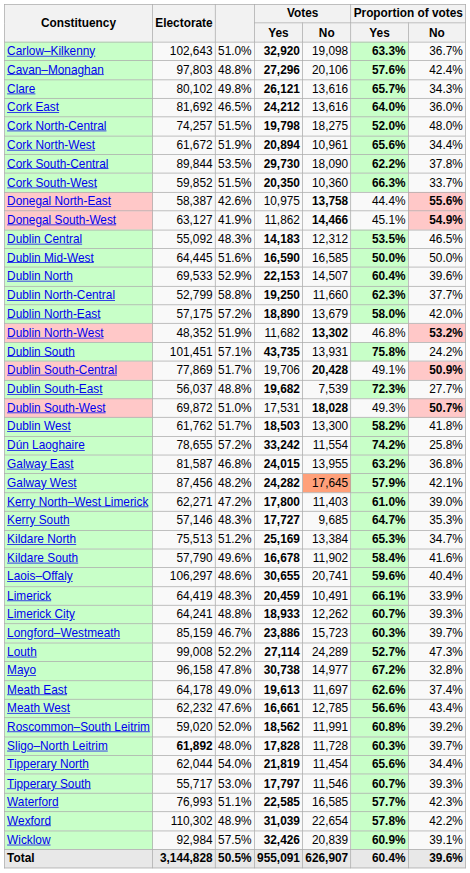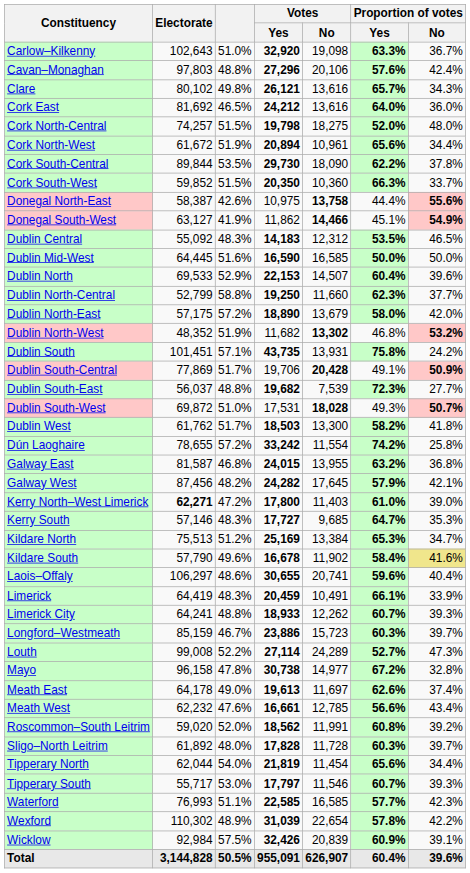 <table class="wikitable sortable">
 <tr>
 <th rowspan=2>Constituency</th>
 <th rowspan=2>Electorate</th>
 <th rowspan=2></th>
 <th colspan=2>Votes</th>
 <th colspan=2>Proportion of votes</th>
 </tr>
 <tr>
 <th>Yes</th>
 <th>No</th>
 <th>Yes</th>
 <th>No</th>
 </tr>
 <tr>
 <td style="background:#c8ffc8;"><a href='#'>Carlow–Kilkenny</a></td>
 <td style="text-align: right;">102,643</td>
 <td style="text-align: right;">51.0%</td>
 <td style="text-align: right;"><strong>32,920</strong></td>
 <td style="text-align: right;">19,098</td>
 <td style="text-align: right; background:#c8ffc8;"><strong>63.3%</strong></td>
 <td style="text-align: right;">36.7%</td>
 </tr>
 <tr>
 <td style="background:#c8ffc8;"><a href='#'>Cavan–Monaghan</a></td>
 <td style="text-align: right;">97,803</td>
 <td style="text-align: right;">48.8%</td>
 <td style="text-align: right;"><strong>27,296</strong></td>
 <td style="text-align: right;">20,106</td>
 <td style="text-align: right; background:#c8ffc8;"><strong>57.6%</strong></td>
 <td style="text-align: right;">42.4%</td>
 </tr>
 <tr>
 <td style="background:#c8ffc8;"><a href='#'>Clare</a></td>
 <td style="text-align: right;">80,102</td>
 <td style="text-align: right;">49.8%</td>
 <td style="text-align: right;"><strong>26,121</strong></td>
 <td style="text-align: right;">13,616</td>
 <td style="text-align: right; background:#c8ffc8;"><strong>65.7%</strong></td>
 <td style="text-align: right;">34.3%</td>
 </tr>
 <tr>
 <td style="background:#c8ffc8;"><a href='#'>Cork East</a></td>
 <td style="text-align: right;">81,692</td>
 <td style="text-align: right;">46.5%</td>
 <td style="text-align: right;"><strong>24,212</strong></td>
 <td style="text-align: right;">13,616</td>
 <td style="text-align: right; background:#c8ffc8;"><strong>64.0%</strong></td>
 <td style="text-align: right;">36.0%</td>
 </tr>
 <tr>
 <td style="background:#c8ffc8;"><a href='#'>Cork North-Central</a></td>
 <td style="text-align: right;">74,257</td>
 <td style="text-align: right;">51.5%</td>
 <td style="text-align: right;"><strong>19,798</strong></td>
 <td style="text-align: right;">18,275</td>
 <td style="text-align: right; background:#c8ffc8;"><strong>52.0%</strong></td>
 <td style="text-align: right;">48.0%</td>
 </tr>
 <tr>
 <td style="background:#c8ffc8;"><a href='#'>Cork North-West</a></td>
 <td style="text-align: right;">61,672</td>
 <td style="text-align: right;">51.9%</td>
 <td style="text-align: right;"><strong>20,894</strong></td>
 <td style="text-align: right;">10,961</td>
 <td style="text-align: right; background:#c8ffc8;"><strong>65.6%</strong></td>
 <td style="text-align: right;">34.4%</td>
 </tr>
 <tr>
 <td style="background:#c8ffc8;"><a href='#'>Cork South-Central</a></td>
 <td style="text-align: right;">89,844</td>
 <td style="text-align: right;">53.5%</td>
 <td style="text-align: right;"><strong>29,730</strong></td>
 <td style="text-align: right;">18,090</td>
 <td style="text-align: right; background:#c8ffc8;"><strong>62.2%</strong></td>
 <td style="text-align: right;">37.8%</td>
 </tr>
 <tr>
 <td style="background:#c8ffc8;"><a href='#'>Cork South-West</a></td>
 <td style="text-align: right;">59,852</td>
 <td style="text-align: right;">51.5%</td>
 <td style="text-align: right;"><strong>20,350</strong></td>
 <td style="text-align: right;">10,360</td>
 <td style="text-align: right; background:#c8ffc8;"><strong>66.3%</strong></td>
 <td style="text-align: right;">33.7%</td>
 </tr>
 <tr>
 <td style="background:#ffc8c8;"><a href='#'>Donegal North-East</a></td>
 <td style="text-align: right;">58,387</td>
 <td style="text-align: right;">42.6%</td>
 <td style="text-align: right;">10,975</td>
 <td style="text-align: right;"><strong>13,758</strong></td>
 <td style="text-align: right;">44.4%</td>
 <td style="text-align: right; background:#ffc8c8;"><strong>55.6%</strong></td>
 </tr>
 <tr>
 <td style="background:#ffc8c8;"><a href='#'>Donegal South-West</a></td>
 <td style="text-align: right;">63,127</td>
 <td style="text-align: right;">41.9%</td>
 <td style="text-align: right;">11,862</td>
 <td style="text-align: right;"><strong>14,466</strong></td>
 <td style="text-align: right;">45.1%</td>
 <td style="text-align: right; background:#ffc8c8;"><strong>54.9%</strong></td>
 </tr>
 <tr>
 <td style="background:#c8ffc8;"><a href='#'>Dublin Central</a></td>
 <td style="text-align: right;">55,092</td>
 <td style="text-align: right;">48.3%</td>
 <td style="text-align: right;"><strong>14,183</strong></td>
 <td style="text-align: right;">12,312</td>
 <td style="text-align: right; background:#c8ffc8;"><strong>53.5%</strong></td>
 <td style="text-align: right;">46.5%</td>
 </tr>
 <tr>
 <td style="background:#c8ffc8;"><a href='#'>Dublin Mid-West</a></td>
 <td style="text-align: right;">64,445</td>
 <td style="text-align: right;">51.6%</td>
 <td style="text-align: right;"><strong>16,590</strong></td>
 <td style="text-align: right;">16,585</td>
 <td style="text-align: right; background:#c8ffc8;"><strong>50.0%</strong></td>
 <td style="text-align: right;">50.0%</td>
 </tr>
 <tr>
 <td style="background:#c8ffc8;"><a href='#'>Dublin North</a></td>
 <td style="text-align: right;">69,533</td>
 <td style="text-align: right;">52.9%</td>
 <td style="text-align: right;"><strong>22,153</strong></td>
 <td style="text-align: right;">14,507</td>
 <td style="text-align: right; background:#c8ffc8;"><strong>60.4%</strong></td>
 <td style="text-align: right;">39.6%</td>
 </tr>
 <tr>
 <td style="background:#c8ffc8;"><a href='#'>Dublin North-Central</a></td>
 <td style="text-align: right;">52,799</td>
 <td style="text-align: right;">58.8%</td>
 <td style="text-align: right;"><strong>19,250</strong></td>
 <td style="text-align: right;">11,660</td>
 <td style="text-align: right; background:#c8ffc8;"><strong>62.3%</strong></td>
 <td style="text-align: right;">37.7%</td>
 </tr>
 <tr>
 <td style="background:#c8ffc8;"><a href='#'>Dublin North-East</a></td>
 <td style="text-align: right;">57,175</td>
 <td style="text-align: right;">57.2%</td>
 <td style="text-align: right;"><strong>18,890</strong></td>
 <td style="text-align: right;">13,679</td>
 <td style="text-align: right; background:#c8ffc8;"><strong>58.0%</strong></td>
 <td style="text-align: right;">42.0%</td>
 </tr>
 <tr>
 <td style="background:#ffc8c8;"><a href='#'>Dublin North-West</a></td>
 <td style="text-align: right;">48,352</td>
 <td style="text-align: right;">51.9%</td>
 <td style="text-align: right;">11,682</td>
 <td style="text-align: right;"><strong>13,302</strong></td>
 <td style="text-align: right;">46.8%</td>
 <td style="text-align: right; background:#ffc8c8;"><strong>53.2%</strong></td>
 </tr>
 <tr>
 <td style="background:#c8ffc8;"><a href='#'>Dublin South</a></td>
 <td style="text-align: right;">101,451</td>
 <td style="text-align: right;">57.1%</td>
 <td style="text-align: right;"><strong>43,735</strong></td>
 <td style="text-align: right;">13,931</td>
 <td style="text-align: right; background:#c8ffc8;"><strong>75.8%</strong></td>
 <td style="text-align: right;">24.2%</td>
 </tr>
 <tr>
 <td style="background:#ffc8c8;"><a href='#'>Dublin South-Central</a></td>
 <td style="text-align: right;">77,869</td>
 <td style="text-align: right;">51.7%</td>
 <td style="text-align: right;">19,706</td>
 <td style="text-align: right;"><strong>20,428</strong></td>
 <td style="text-align: right;">49.1%</td>
 <td style="text-align: right; background:#ffc8c8;"><strong>50.9%</strong></td>
 </tr>
 <tr>
 <td style="background:#c8ffc8;"><a href='#'>Dublin South-East</a></td>
 <td style="text-align: right;">56,037</td>
 <td style="text-align: right;">48.8%</td>
 <td style="text-align: right;"><strong>19,682</strong></td>
 <td style="text-align: right;">7,539</td>
 <td style="text-align: right; background:#c8ffc8;"><strong>72.3%</strong></td>
 <td style="text-align: right;">27.7%</td>
 </tr>
 <tr>
 <td style="background:#ffc8c8;"><a href='#'>Dublin South-West</a></td>
 <td style="text-align: right;">69,872</td>
 <td style="text-align: right;">51.0%</td>
 <td style="text-align: right;">17,531</td>
 <td style="text-align: right;"><strong>18,028</strong></td>
 <td style="text-align: right;">49.3%</td>
 <td style="text-align: right; background:#ffc8c8;"><strong>50.7%</strong></td>
 </tr>
 <tr>
 <td style="background:#c8ffc8;"><a href='#'>Dublin West</a></td>
 <td style="text-align: right;">61,762</td>
 <td style="text-align: right;">51.7%</td>
 <td style="text-align: right;"><strong>18,503</strong></td>
 <td style="text-align: right;">13,300</td>
 <td style="text-align: right; background:#c8ffc8;"><strong>58.2%</strong></td>
 <td style="text-align: right;">41.8%</td>
 </tr>
 <tr>
 <td style="background:#c8ffc8;"><a href='#'>Dún Laoghaire</a></td>
 <td style="text-align: right;">78,655</td>
 <td style="text-align: right;">57.2%</td>
 <td style="text-align: right;"><strong>33,242</strong></td>
 <td style="text-align: right;">11,554</td>
 <td style="text-align: right; background:#c8ffc8;"><strong>74.2%</strong></td>
 <td style="text-align: right;">25.8%</td>
 </tr>
 <tr>
 <td style="background:#c8ffc8;"><a href='#'>Galway East</a></td>
 <td style="text-align: right;">81,587</td>
 <td style="text-align: right;">46.8%</td>
 <td style="text-align: right;"><strong>24,015</strong></td>
 <td style="text-align: right;">13,955</td>
 <td style="text-align: right; background:#c8ffc8;"><strong>63.2%</strong></td>
 <td style="text-align: right;">36.8%</td>
 </tr>
 <tr>
 <td style="background:#c8ffc8;"><a href='#'>Galway West</a></td>
 <td style="text-align: right;">87,456</td>
 <td style="text-align: right;">48.2%</td>
 <td style="text-align: right;"><strong>24,282</strong></td>
-<td style="background: lightsalmon; text-align: right;">17,645</td>
+<td style="text-align: right;">17,645</td>
 <td style="text-align: right; background:#c8ffc8;"><strong>57.9%</strong></td>
 <td style="text-align: right;">42.1%</td>
 </tr>
 <tr>
 <td style="background:#c8ffc8;"><a href='#'>Kerry North–West Limerick</a></td>
-<td style="text-align: right;">62,271</td>
+<td style="text-align: right;"><strong>62,271</strong></td>
 <td style="text-align: right;">47.2%</td>
 <td style="text-align: right;"><strong>17,800</strong></td>
 <td style="text-align: right;">11,403</td>
 <td style="text-align: right; background:#c8ffc8;"><strong>61.0%</strong></td>
 <td style="text-align: right;">39.0%</td>
 </tr>
 <tr>
 <td style="background:#c8ffc8;"><a href='#'>Kerry South</a></td>
 <td style="text-align: right;">57,146</td>
 <td style="text-align: right;">48.3%</td>
 <td style="text-align: right;"><strong>17,727</strong></td>
 <td style="text-align: right;">9,685</td>
 <td style="text-align: right; background:#c8ffc8;"><strong>64.7%</strong></td>
 <td style="text-align: right;">35.3%</td>
 </tr>
 <tr>
 <td style="background:#c8ffc8;"><a href='#'>Kildare North</a></td>
 <td style="text-align: right;">75,513</td>
 <td style="text-align: right;">51.2%</td>
 <td style="text-align: right;"><strong>25,169</strong></td>
 <td style="text-align: right;">13,384</td>
 <td style="text-align: right; background:#c8ffc8;"><strong>65.3%</strong></td>
 <td style="text-align: right;">34.7%</td>
 </tr>
 <tr>
 <td style="background:#c8ffc8;"><a href='#'>Kildare South</a></td>
 <td style="text-align: right;">57,790</td>
 <td style="text-align: right;">49.6%</td>
 <td style="text-align: right;"><strong>16,678</strong></td>
 <td style="text-align: right;">11,902</td>
 <td style="text-align: right; background:#c8ffc8;"><strong>58.4%</strong></td>
-<td style="text-align: right;">41.6%</td>
+<td style="background: khaki; text-align: right;">41.6%</td>
 </tr>
 <tr>
 <td style="background:#c8ffc8;"><a href='#'>Laois–Offaly</a></td>
 <td style="text-align: right;">106,297</td>
 <td style="text-align: right;">48.6%</td>
 <td style="text-align: right;"><strong>30,655</strong></td>
 <td style="text-align: right;">20,741</td>
 <td style="text-align: right; background:#c8ffc8;"><strong>59.6%</strong></td>
 <td style="text-align: right;">40.4%</td>
 </tr>
 <tr>
 <td style="background:#c8ffc8;"><a href='#'>Limerick</a></td>
 <td style="text-align: right;">64,419</td>
 <td style="text-align: right;">48.3%</td>
 <td style="text-align: right;"><strong>20,459</strong></td>
 <td style="text-align: right;">10,491</td>
 <td style="text-align: right; background:#c8ffc8;"><strong>66.1%</strong></td>
 <td style="text-align: right;">33.9%</td>
 </tr>
 <tr>
 <td style="background:#c8ffc8;"><a href='#'>Limerick City</a></td>
 <td style="text-align: right;">64,241</td>
 <td style="text-align: right;">48.8%</td>
 <td style="text-align: right;"><strong>18,933</strong></td>
 <td style="text-align: right;">12,262</td>
 <td style="text-align: right; background:#c8ffc8;"><strong>60.7%</strong></td>
 <td style="text-align: right;">39.3%</td>
 </tr>
 <tr>
 <td style="background:#c8ffc8;"><a href='#'>Longford–Westmeath</a></td>
 <td style="text-align: right;">85,159</td>
 <td style="text-align: right;">46.7%</td>
 <td style="text-align: right;"><strong>23,886</strong></td>
 <td style="text-align: right;">15,723</td>
 <td style="text-align: right; background:#c8ffc8;"><strong>60.3%</strong></td>
 <td style="text-align: right;">39.7%</td>
 </tr>
 <tr>
 <td style="background:#c8ffc8;"><a href='#'>Louth</a></td>
 <td style="text-align: right;">99,008</td>
 <td style="text-align: right;">52.2%</td>
 <td style="text-align: right;"><strong>27,114</strong></td>
 <td style="text-align: right;">24,289</td>
 <td style="text-align: right; background:#c8ffc8;"><strong>52.7%</strong></td>
 <td style="text-align: right;">47.3%</td>
 </tr>
 <tr>
 <td style="background:#c8ffc8;"><a href='#'>Mayo</a></td>
 <td style="text-align: right;">96,158</td>
 <td style="text-align: right;">47.8%</td>
 <td style="text-align: right;"><strong>30,738</strong></td>
 <td style="text-align: right;">14,977</td>
 <td style="text-align: right; background:#c8ffc8;"><strong>67.2%</strong></td>
 <td style="text-align: right;">32.8%</td>
 </tr>
 <tr>
 <td style="background:#c8ffc8;"><a href='#'>Meath East</a></td>
 <td style="text-align: right;">64,178</td>
 <td style="text-align: right;">49.0%</td>
 <td style="text-align: right;"><strong>19,613</strong></td>
 <td style="text-align: right;">11,697</td>
 <td style="text-align: right; background:#c8ffc8;"><strong>62.6%</strong></td>
 <td style="text-align: right;">37.4%</td>
 </tr>
 <tr>
 <td style="background:#c8ffc8;"><a href='#'>Meath West</a></td>
 <td style="text-align: right;">62,232</td>
 <td style="text-align: right;">47.6%</td>
 <td style="text-align: right;"><strong>16,661</strong></td>
 <td style="text-align: right;">12,785</td>
 <td style="text-align: right; background:#c8ffc8;"><strong>56.6%</strong></td>
 <td style="text-align: right;">43.4%</td>
 </tr>
 <tr>
 <td style="background:#c8ffc8;"><a href='#'>Roscommon–South Leitrim</a></td>
 <td style="text-align: right;">59,020</td>
 <td style="text-align: right;">52.0%</td>
 <td style="text-align: right;"><strong>18,562</strong></td>
 <td style="text-align: right;">11,991</td>
 <td style="text-align: right; background:#c8ffc8;"><strong>60.8%</strong></td>
 <td style="text-align: right;">39.2%</td>
 </tr>
 <tr>
 <td style="background:#c8ffc8;"><a href='#'>Sligo–North Leitrim</a></td>
-<td style="text-align: right;"><strong>61,892</strong></td>
+<td style="text-align: right;">61,892</td>
 <td style="text-align: right;">48.0%</td>
 <td style="text-align: right;"><strong>17,828</strong></td>
 <td style="text-align: right;">11,728</td>
 <td style="text-align: right; background:#c8ffc8;"><strong>60.3%</strong></td>
 <td style="text-align: right;">39.7%</td>
 </tr>
 <tr>
 <td style="background:#c8ffc8;"><a href='#'>Tipperary North</a></td>
 <td style="text-align: right;">62,044</td>
 <td style="text-align: right;">54.0%</td>
 <td style="text-align: right;"><strong>21,819</strong></td>
 <td style="text-align: right;">11,454</td>
 <td style="text-align: right; background:#c8ffc8;"><strong>65.6%</strong></td>
 <td style="text-align: right;">34.4%</td>
 </tr>
 <tr>
 <td style="background:#c8ffc8;"><a href='#'>Tipperary South</a></td>
 <td style="text-align: right;">55,717</td>
 <td style="text-align: right;">53.0%</td>
 <td style="text-align: right;"><strong>17,797</strong></td>
 <td style="text-align: right;">11,546</td>
 <td style="text-align: right; background:#c8ffc8;"><strong>60.7%</strong></td>
 <td style="text-align: right;">39.3%</td>
 </tr>
 <tr>
 <td style="background:#c8ffc8;"><a href='#'>Waterford</a></td>
 <td style="text-align: right;">76,993</td>
 <td style="text-align: right;">51.1%</td>
 <td style="text-align: right;"><strong>22,585</strong></td>
 <td style="text-align: right;">16,585</td>
 <td style="text-align: right; background:#c8ffc8;"><strong>57.7%</strong></td>
 <td style="text-align: right;">42.3%</td>
 </tr>
 <tr>
 <td style="background:#c8ffc8;"><a href='#'>Wexford</a></td>
 <td style="text-align: right;">110,302</td>
 <td style="text-align: right;">48.9%</td>
 <td style="text-align: right;"><strong>31,039</strong></td>
 <td style="text-align: right;">22,654</td>
 <td style="text-align: right; background:#c8ffc8;"><strong>57.8%</strong></td>
 <td style="text-align: right;">42.2%</td>
 </tr>
 <tr>
 <td style="background:#c8ffc8;"><a href='#'>Wicklow</a></td>
 <td style="text-align: right;">92,984</td>
 <td style="text-align: right;">57.5%</td>
 <td style="text-align: right;"><strong>32,426</strong></td>
 <td style="text-align: right;">20,839</td>
 <td style="text-align: right; background:#c8ffc8;"><strong>60.9%</strong></td>
 <td style="text-align: right;">39.1%</td>
 </tr>
 <tr class="sortbottom" style="font-weight:bold; background:rgb(232,232,232);">
 <td>Total</td>
 <td style="text-align: right;">3,144,828</td>
 <td style="text-align: right;">50.5%</td>
 <td style="text-align: right;">955,091</td>
 <td style="text-align: right;">626,907</td>
 <td style="text-align: right;">60.4%</td>
 <td style="text-align: right;">39.6%</td>
 </tr>
 </table>
